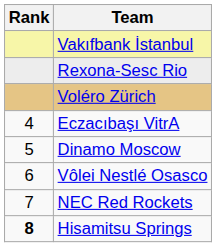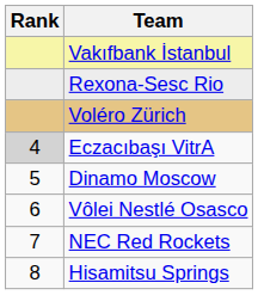 <table class="wikitable" style="text-align: center;">
 <tr>
 <th width=40>Rank</th>
 <th>Team</th>
 </tr>
 <tr bgcolor=f7f6a8>
 <td></td>
 <td align=left> <a href='#'>Vakıfbank İstanbul</a></td>
 </tr>
 <tr bgcolor=ededed>
 <td></td>
 <td align=left> <a href='#'>Rexona-Sesc Rio</a></td>
 </tr>
 <tr bgcolor=e5c585>
 <td></td>
 <td align=left> <a href='#'>Voléro Zürich</a></td>
 </tr>
 <tr>
-<td>4</td>
+<td style="background: lightgrey;">4</td>
 <td align=left> <a href='#'>Eczacıbaşı VitrA</a></td>
 </tr>
 <tr>
 <td>5</td>
 <td align=left> <a href='#'>Dinamo Moscow</a></td>
 </tr>
 <tr>
 <td>6</td>
 <td align=left> <a href='#'>Vôlei Nestlé Osasco</a></td>
 </tr>
 <tr>
 <td>7</td>
 <td align=left> <a href='#'>NEC Red Rockets</a></td>
 </tr>
 <tr>
-<td><strong>8</strong></td>
+<td>8</td>
 <td align=left> <a href='#'>Hisamitsu Springs</a></td>
 </tr>
 </table>
